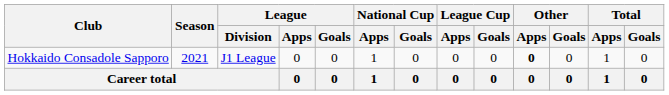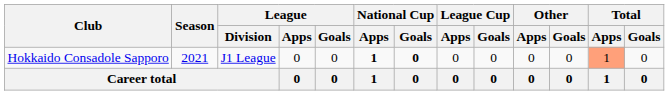 <table class="wikitable" style="text-align: center">
 <tr>
 <th rowspan="2">Club</th>
 <th rowspan="2">Season</th>
 <th colspan="3">League</th>
 <th colspan="2">National Cup</th>
 <th colspan="2">League Cup</th>
 <th colspan="2">Other</th>
 <th colspan="2">Total</th>
 </tr>
 <tr>
 <th>Division</th>
 <th>Apps</th>
 <th>Goals</th>
 <th>Apps</th>
 <th>Goals</th>
 <th>Apps</th>
 <th>Goals</th>
 <th>Apps</th>
 <th>Goals</th>
 <th>Apps</th>
 <th>Goals</th>
 </tr>
 <tr>
 <td><a href='#'>Hokkaido Consadole Sapporo</a></td>
 <td><a href='#'>2021</a></td>
 <td><a href='#'>J1 League</a></td>
 <td>0</td>
 <td>0</td>
-<td>1</td>
+<td><strong>1</strong></td>
+<td><strong>0</strong></td>
 <td>0</td>
 <td>0</td>
 <td>0</td>
-<td><strong>0</strong></td>
 <td>0</td>
-<td>1</td>
+<td style="background: lightsalmon;">1</td>
 <td>0</td>
 </tr>
 <tr>
 <th colspan=3>Career total</th>
 <th>0</th>
 <th>0</th>
 <th>1</th>
 <th>0</th>
 <th>0</th>
 <th>0</th>
 <th>0</th>
 <th>0</th>
 <th>1</th>
 <th>0</th>
 </tr>
 </table>
